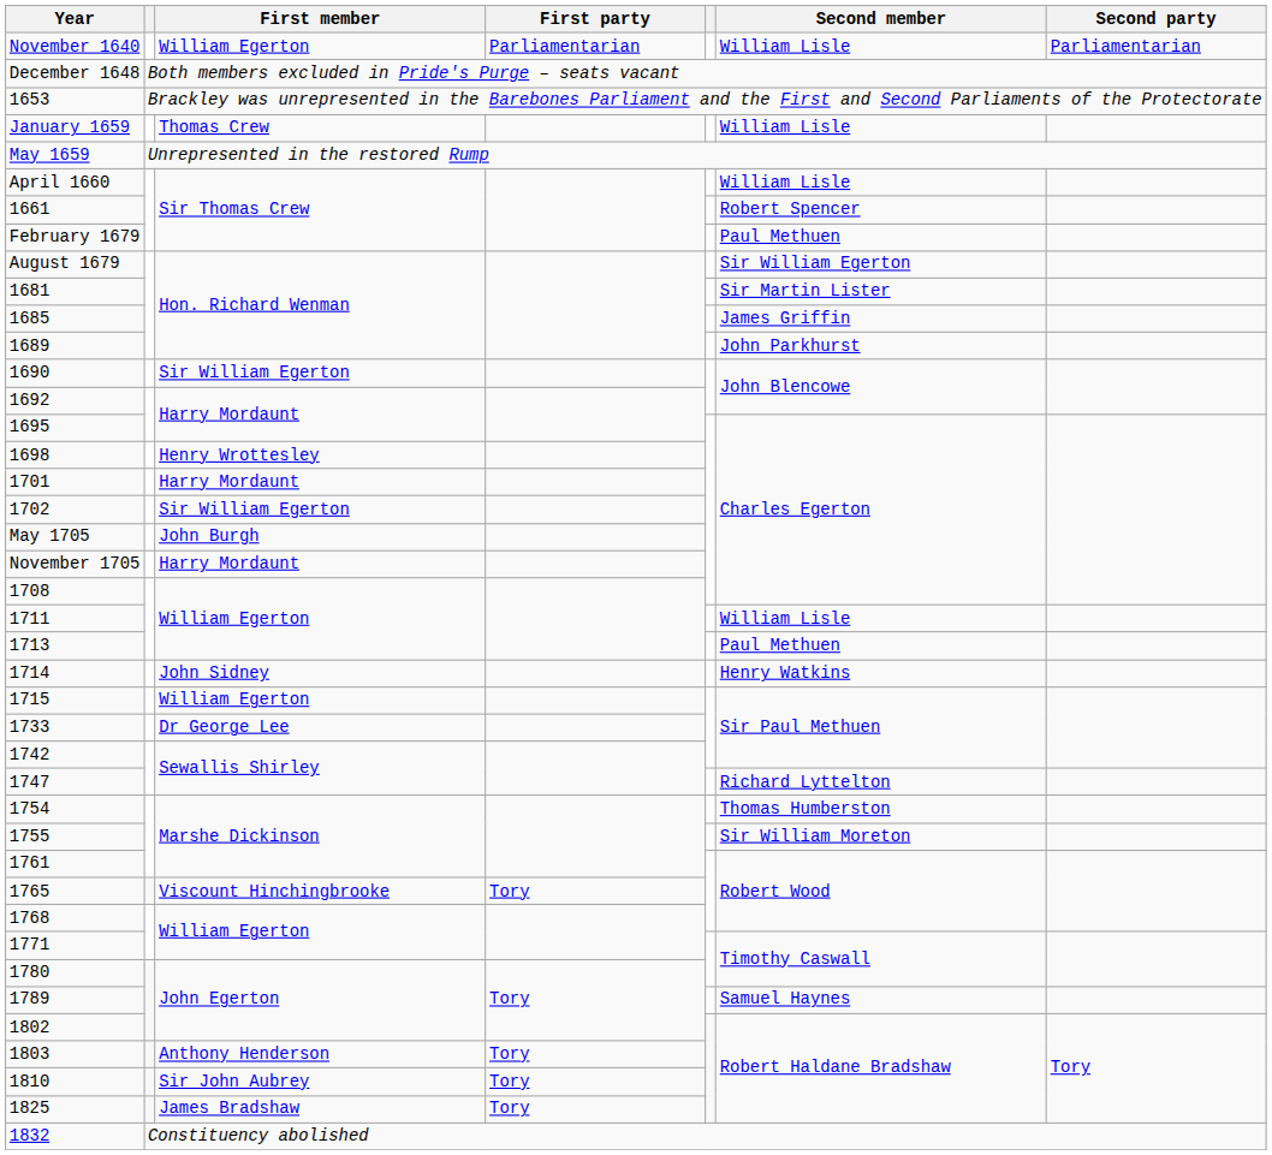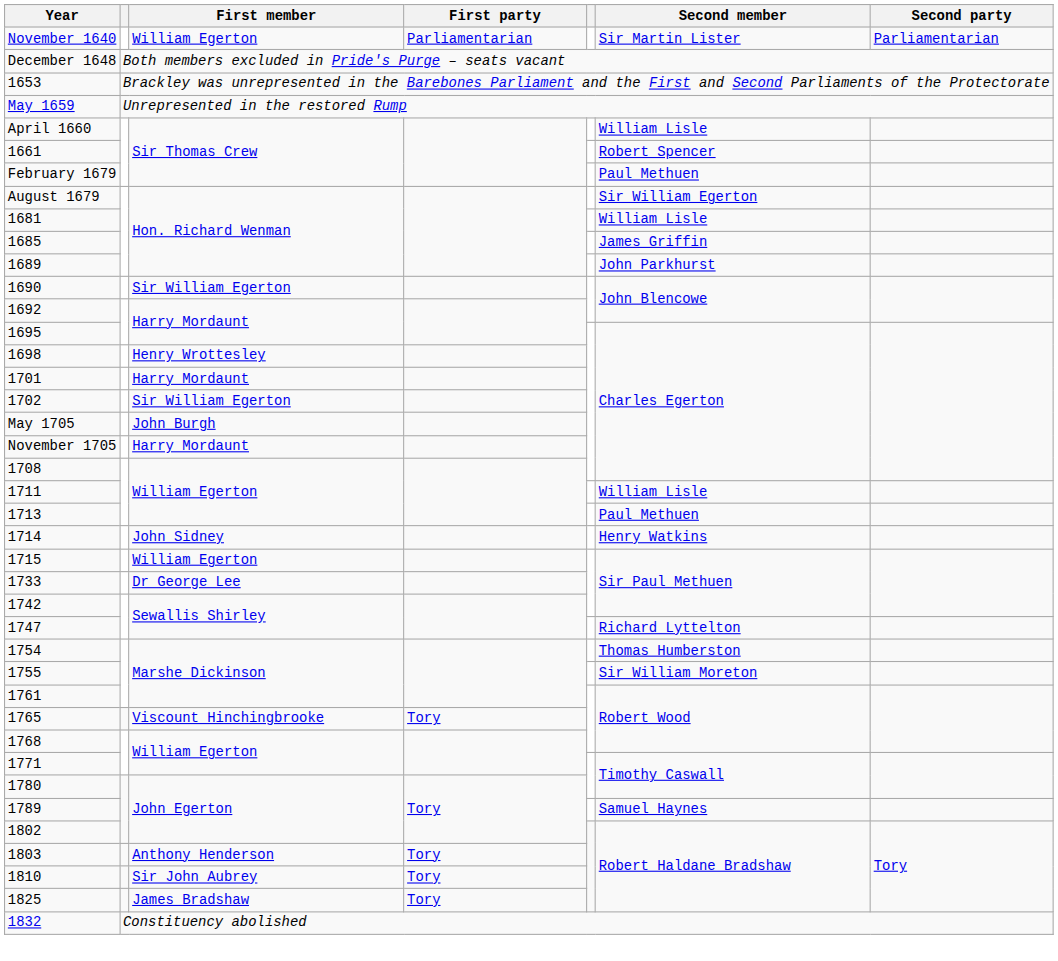 <table class="wikitable">
 <tr>
 <th>Year</th>
 <th></th>
 <th>First member</th>
 <th>First party</th>
 <th></th>
 <th>Second member</th>
 <th>Second party</th>
 </tr>
 <tr>
 <td><a href='#'>November 1640</a></td>
 <td style="color:inherit;background-color: white"></td>
 <td><a href='#'>William Egerton</a></td>
 <td><a href='#'>Parliamentarian</a></td>
 <td style="color:inherit;background-color: white"></td>
-<td><a href='#'>William Lisle</a></td>
+<td><a href='#'>Sir Martin Lister</a></td>
 <td><a href='#'>Parliamentarian</a></td>
 </tr>
 <tr>
 <td>December 1648</td>
 <td colspan="6"><em>Both members excluded in <a href='#'>Pride's Purge</a> – seats vacant</em></td>
 </tr>
 <tr>
 <td>1653</td>
 <td colspan="6"><em>Brackley was unrepresented in the <a href='#'>Barebones Parliament</a> and the <a href='#'>First</a> and <a href='#'>Second</a> Parliaments of the Protectorate</em></td>
-</tr>
-<tr>
-<td><a href='#'>January 1659</a></td>
-<td style="color:inherit;background-color: white"></td>
-<td><a href='#'>Thomas Crew</a></td>
-<td></td>
-<td style="color:inherit;background-color: white"></td>
-<td><a href='#'>William Lisle</a></td>
-<td></td>
 </tr>
 <tr>
 <td><a href='#'>May 1659</a></td>
 <td colspan="6"><em>Unrepresented in the restored <a href='#'>Rump</a></em></td>
 </tr>
 <tr>
 <td>April 1660</td>
 <td rowspan="3" style="color:inherit;background-color: white"></td>
 <td rowspan="3"><a href='#'>Sir Thomas Crew</a></td>
 <td rowspan="3"></td>
 <td style="color:inherit;background-color: white"></td>
 <td><a href='#'>William Lisle</a></td>
 <td></td>
 </tr>
 <tr>
 <td>1661</td>
 <td style="color:inherit;background-color: white"></td>
 <td><a href='#'>Robert Spencer</a></td>
 <td></td>
 </tr>
 <tr>
 <td>February 1679</td>
 <td style="color:inherit;background-color: white"></td>
 <td><a href='#'>Paul Methuen</a></td>
 <td></td>
 </tr>
 <tr>
 <td>August 1679</td>
 <td rowspan="4" style="color:inherit;background-color: white"></td>
 <td rowspan="4"><a href='#'>Hon. Richard Wenman</a></td>
 <td rowspan="4"></td>
 <td style="color:inherit;background-color: white"></td>
 <td><a href='#'>Sir William Egerton</a></td>
 <td></td>
 </tr>
 <tr>
 <td>1681</td>
 <td style="color:inherit;background-color: white"></td>
-<td><a href='#'>Sir Martin Lister</a></td>
+<td><a href='#'>William Lisle</a></td>
 <td></td>
 </tr>
 <tr>
 <td>1685</td>
 <td style="color:inherit;background-color: white"></td>
 <td><a href='#'>James Griffin</a></td>
 <td></td>
 </tr>
 <tr>
 <td>1689</td>
 <td style="color:inherit;background-color: white"></td>
 <td><a href='#'>John Parkhurst</a></td>
 <td></td>
 </tr>
 <tr>
 <td>1690</td>
 <td style="color:inherit;background-color: white"></td>
 <td><a href='#'>Sir William Egerton</a></td>
 <td></td>
 <td rowspan="2" style="color:inherit;background-color: white"></td>
 <td rowspan="2"><a href='#'>John Blencowe</a></td>
 <td rowspan="2"></td>
 </tr>
 <tr>
 <td>1692</td>
 <td rowspan="2" style="color:inherit;background-color: white"></td>
 <td rowspan="2"><a href='#'>Harry Mordaunt</a></td>
 <td rowspan="2"></td>
 </tr>
 <tr>
 <td>1695</td>
 <td rowspan="7" style="color:inherit;background-color: white"></td>
 <td rowspan="7"><a href='#'>Charles Egerton</a></td>
 <td rowspan="7"></td>
 </tr>
 <tr>
 <td>1698</td>
 <td style="color:inherit;background-color: white"></td>
 <td><a href='#'>Henry Wrottesley</a></td>
 <td></td>
 </tr>
 <tr>
 <td>1701</td>
 <td style="color:inherit;background-color: white"></td>
 <td><a href='#'>Harry Mordaunt</a></td>
 <td></td>
 </tr>
 <tr>
 <td>1702</td>
 <td style="color:inherit;background-color: white"></td>
 <td><a href='#'>Sir William Egerton</a></td>
 <td></td>
 </tr>
 <tr>
 <td>May 1705</td>
 <td style="color:inherit;background-color: white"></td>
 <td><a href='#'>John Burgh</a></td>
 <td></td>
 </tr>
 <tr>
 <td>November 1705</td>
 <td style="color:inherit;background-color: white"></td>
 <td><a href='#'>Harry Mordaunt</a></td>
 <td></td>
 </tr>
 <tr>
 <td>1708</td>
 <td rowspan="3" style="color:inherit;background-color: white"></td>
 <td rowspan="3"><a href='#'>William Egerton</a></td>
 <td rowspan="3"></td>
 </tr>
 <tr>
 <td>1711</td>
 <td style="color:inherit;background-color: white"></td>
 <td><a href='#'>William Lisle</a></td>
 <td></td>
 </tr>
 <tr>
 <td>1713</td>
 <td style="color:inherit;background-color: white"></td>
 <td><a href='#'>Paul Methuen</a></td>
 <td></td>
 </tr>
 <tr>
 <td>1714 </td>
 <td style="color:inherit;background-color: white"></td>
 <td><a href='#'>John Sidney</a></td>
 <td></td>
 <td style="color:inherit;background-color: white"></td>
 <td><a href='#'>Henry Watkins</a></td>
 <td></td>
 </tr>
 <tr>
 <td>1715</td>
 <td style="color:inherit;background-color: white"></td>
 <td><a href='#'>William Egerton</a></td>
 <td></td>
 <td rowspan="3" style="color:inherit;background-color: white"></td>
 <td rowspan="3"><a href='#'>Sir Paul Methuen</a></td>
 <td rowspan="3"></td>
 </tr>
 <tr>
 <td>1733</td>
 <td style="color:inherit;background-color: white"></td>
 <td><a href='#'>Dr George Lee</a></td>
 <td></td>
 </tr>
 <tr>
 <td>1742</td>
 <td rowspan="2" style="color:inherit;background-color: white"></td>
 <td rowspan="2"><a href='#'>Sewallis Shirley</a></td>
 <td rowspan="2"></td>
 </tr>
 <tr>
 <td>1747</td>
 <td style="color:inherit;background-color: white"></td>
 <td><a href='#'>Richard Lyttelton</a></td>
 <td></td>
 </tr>
 <tr>
 <td>1754</td>
 <td rowspan="3" style="color:inherit;background-color: white"></td>
 <td rowspan="3"><a href='#'>Marshe Dickinson</a></td>
 <td rowspan="3"></td>
 <td style="color:inherit;background-color: white"></td>
 <td><a href='#'>Thomas Humberston</a></td>
 <td></td>
 </tr>
 <tr>
 <td>1755</td>
 <td style="color:inherit;background-color: white"></td>
 <td><a href='#'>Sir William Moreton</a></td>
 <td></td>
 </tr>
 <tr>
 <td>1761</td>
 <td rowspan="3" style="color:inherit;background-color: white"></td>
 <td rowspan="3"><a href='#'>Robert Wood</a></td>
 <td rowspan="3"></td>
 </tr>
 <tr>
 <td>1765</td>
 <td style="color:inherit;background-color: "></td>
 <td><a href='#'>Viscount Hinchingbrooke</a></td>
 <td><a href='#'>Tory</a></td>
 </tr>
 <tr>
 <td>1768</td>
 <td rowspan="2" style="color:inherit;background-color: white"></td>
 <td rowspan="2"><a href='#'>William Egerton</a></td>
 <td rowspan="2"></td>
 </tr>
 <tr>
 <td>1771</td>
 <td rowspan="2" style="color:inherit;background-color: white"></td>
 <td rowspan="2"><a href='#'>Timothy Caswall</a></td>
 <td rowspan="2"></td>
 </tr>
 <tr>
 <td>1780</td>
 <td rowspan="3" style="color:inherit;background-color: "></td>
 <td rowspan="3"><a href='#'>John Egerton</a></td>
 <td rowspan="3"><a href='#'>Tory</a></td>
 </tr>
 <tr>
 <td>1789</td>
 <td style="color:inherit;background-color: white"></td>
 <td><a href='#'>Samuel Haynes</a></td>
 <td></td>
 </tr>
 <tr>
 <td>1802</td>
 <td rowspan="4" style="color:inherit;background-color: "></td>
 <td rowspan="4"><a href='#'>Robert Haldane Bradshaw</a></td>
 <td rowspan="4"><a href='#'>Tory</a></td>
 </tr>
 <tr>
 <td>1803</td>
 <td style="color:inherit;background-color: "></td>
 <td><a href='#'>Anthony Henderson</a></td>
 <td><a href='#'>Tory</a></td>
 </tr>
 <tr>
 <td>1810</td>
 <td style="color:inherit;background-color: "></td>
 <td><a href='#'>Sir John Aubrey</a></td>
 <td><a href='#'>Tory</a></td>
 </tr>
 <tr>
 <td>1825</td>
 <td style="color:inherit;background-color: "></td>
 <td><a href='#'>James Bradshaw</a></td>
 <td><a href='#'>Tory</a></td>
 </tr>
 <tr>
 <td><a href='#'>1832</a></td>
 <td colspan="6"><em>Constituency abolished</em></td>
 </tr>
 </table>
